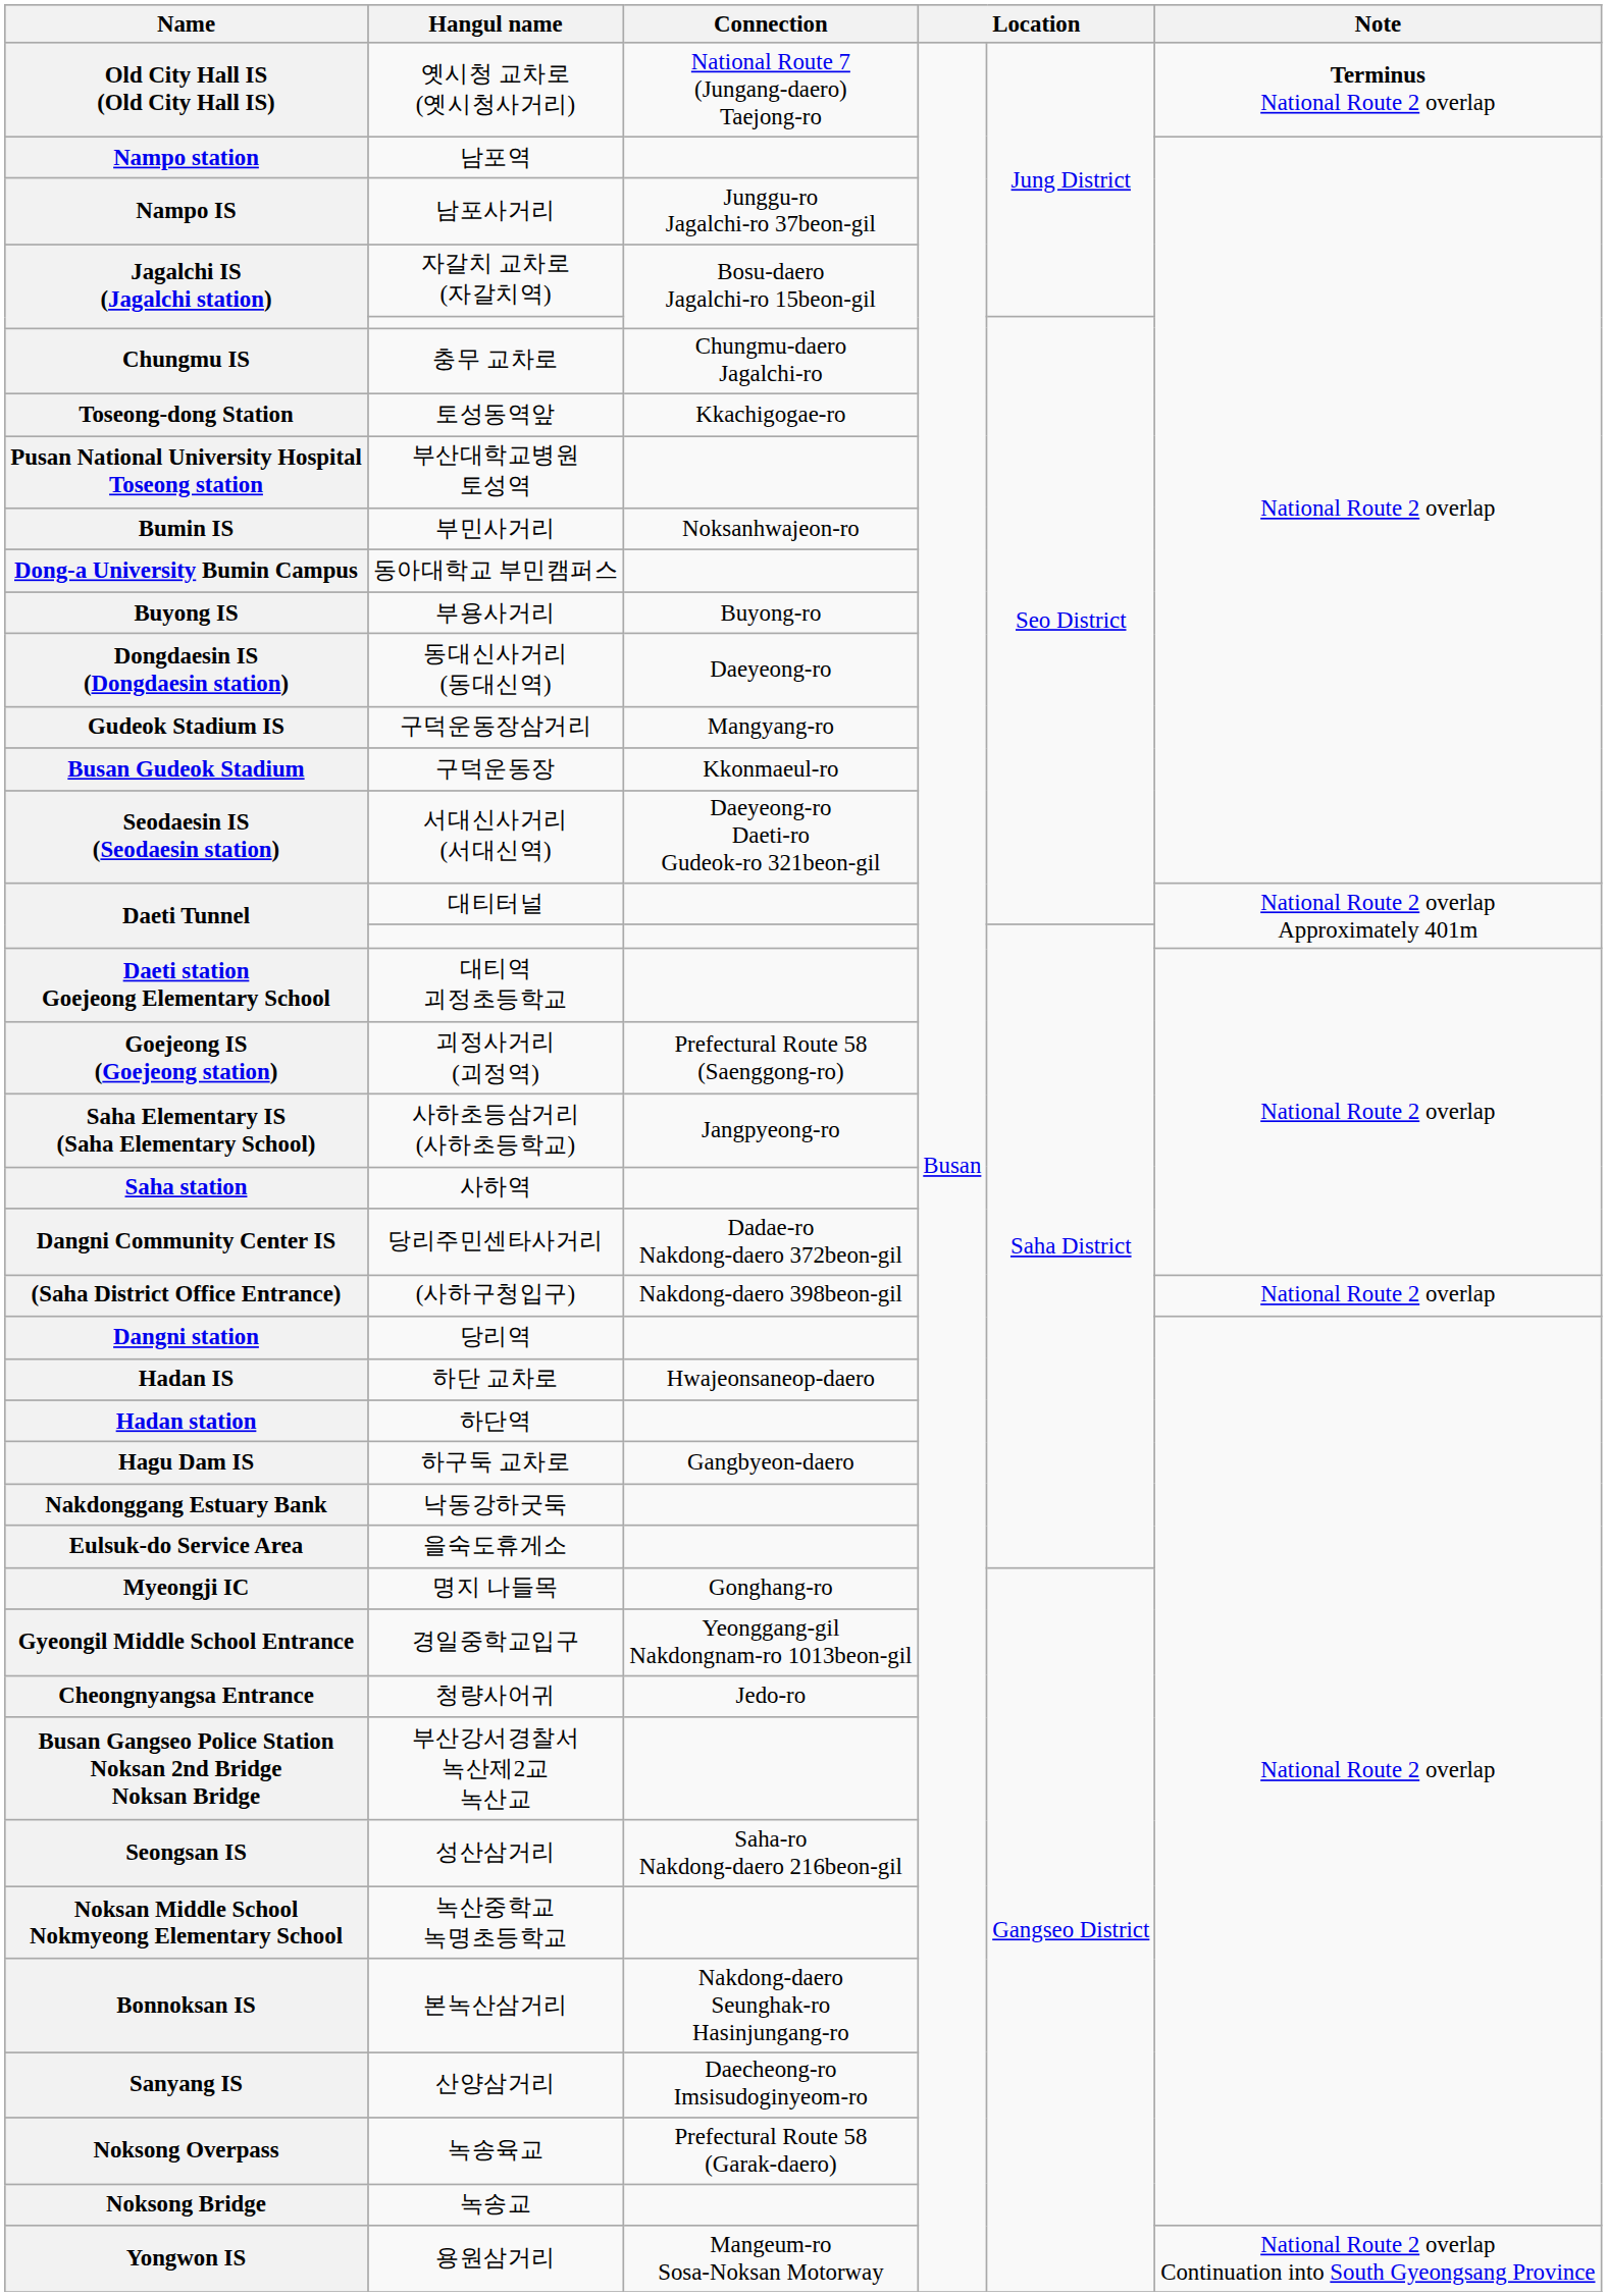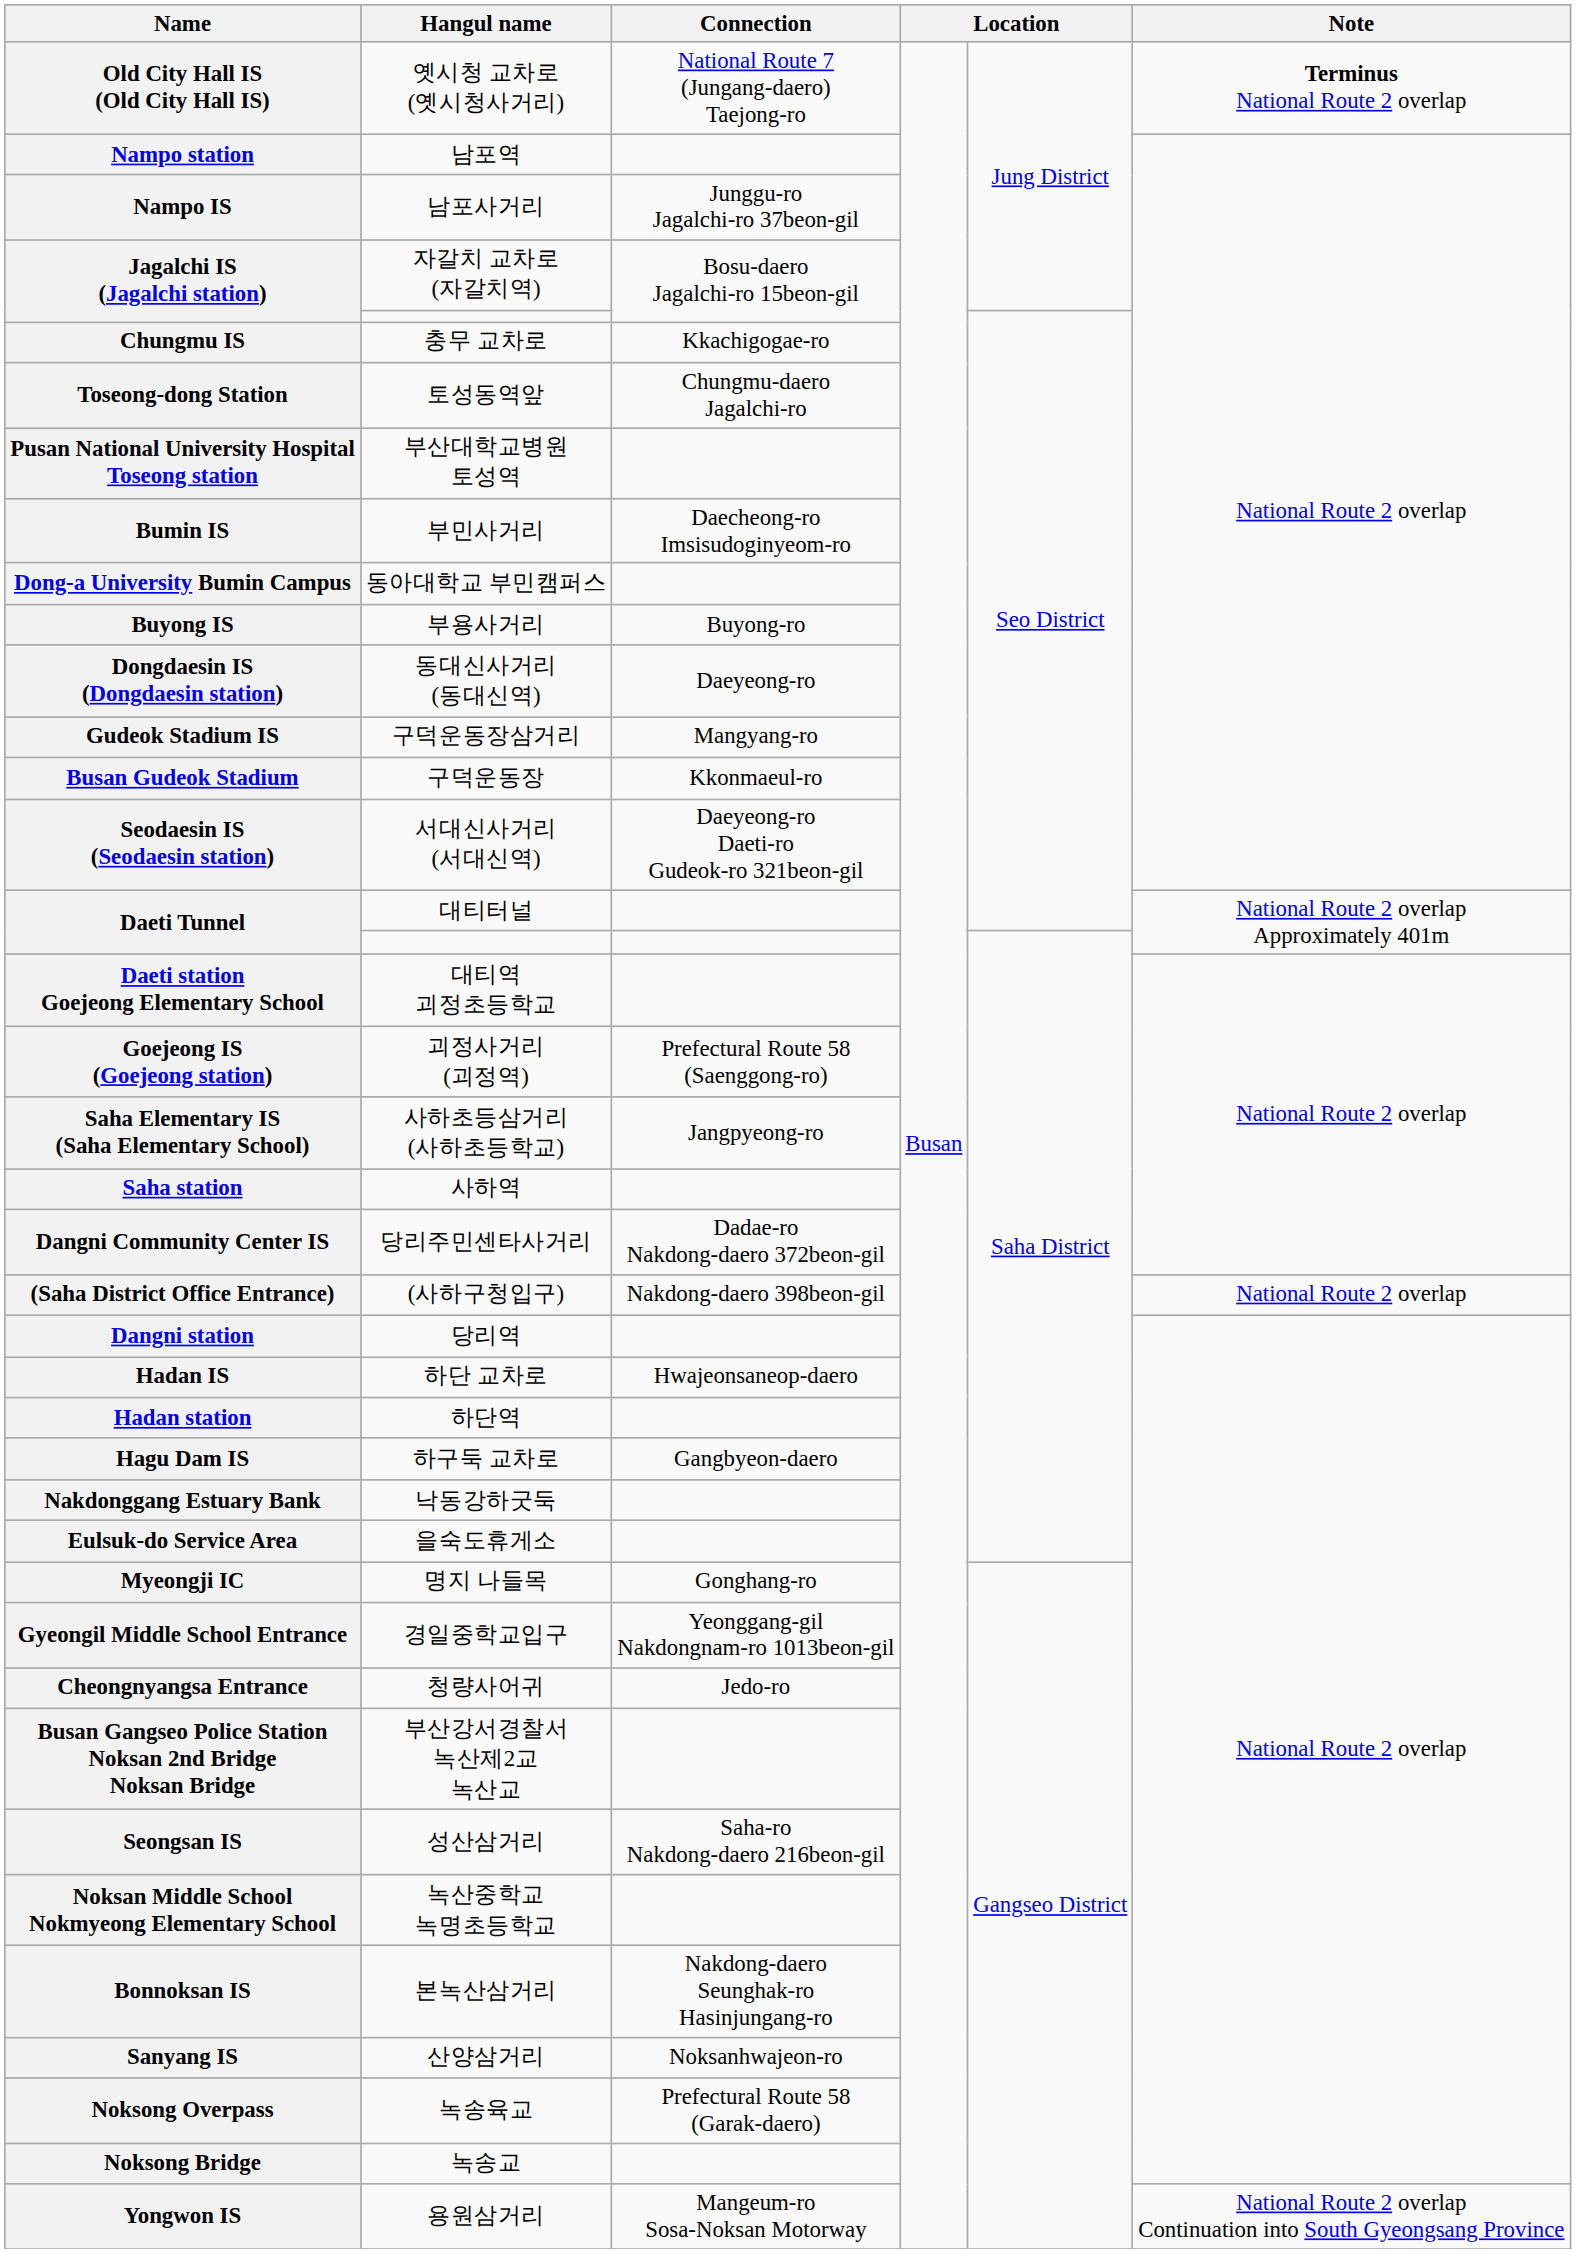 <table class="wikitable" style="font-size: 85%; text-align: center;">
 <tr>
 <th>Name </th>
 <th>Hangul name</th>
 <th>Connection</th>
 <th colspan="2">Location</th>
 <th>Note</th>
 </tr>
 <tr>
 <th>Old City Hall IS<br>(Old City Hall IS)</th>
 <td>옛시청 교차로<br>(옛시청사거리)</td>
 <td><a href='#'>National Route 7</a><br>(Jungang-daero)<br>Taejong-ro</td>
 <td rowspan=40><a href='#'>Busan</a></td>
 <td rowspan=4><a href='#'>Jung District</a></td>
 <td><strong>Terminus</strong><br><a href='#'>National Route 2</a> overlap</td>
 </tr>
 <tr>
 <th><a href='#'>Nampo station</a></th>
 <td>남포역</td>
 <td></td>
 <td rowspan=14><a href='#'>National Route 2</a> overlap</td>
 </tr>
 <tr>
 <th>Nampo IS</th>
 <td>남포사거리</td>
 <td>Junggu-ro<br>Jagalchi-ro 37beon-gil</td>
 </tr>
 <tr>
 <th rowspan=2>Jagalchi IS<br>(<a href='#'>Jagalchi station</a>)</th>
 <td>자갈치 교차로<br>(자갈치역)</td>
 <td rowspan=2>Bosu-daero<br>Jagalchi-ro 15beon-gil</td>
 </tr>
 <tr>
 <td></td>
 <td rowspan=12><a href='#'>Seo District</a></td>
 </tr>
 <tr>
 <th>Chungmu IS</th>
 <td>충무 교차로</td>
-<td>Chungmu-daero<br>Jagalchi-ro</td>
+<td>Kkachigogae-ro</td>
 </tr>
 <tr>
 <th>Toseong-dong Station</th>
 <td>토성동역앞</td>
-<td>Kkachigogae-ro</td>
+<td>Chungmu-daero<br>Jagalchi-ro</td>
 </tr>
 <tr>
 <th>Pusan National University Hospital<br><a href='#'>Toseong station</a></th>
 <td>부산대학교병원<br>토성역</td>
 <td></td>
 </tr>
 <tr>
 <th>Bumin IS</th>
 <td>부민사거리</td>
-<td>Noksanhwajeon-ro</td>
+<td>Daecheong-ro<br>Imsisudoginyeom-ro</td>
 </tr>
 <tr>
 <th><a href='#'>Dong-a University</a> Bumin Campus</th>
 <td>동아대학교 부민캠퍼스</td>
 <td></td>
 </tr>
 <tr>
 <th>Buyong IS</th>
 <td>부용사거리</td>
 <td>Buyong-ro</td>
 </tr>
 <tr>
 <th>Dongdaesin IS<br>(<a href='#'>Dongdaesin station</a>)</th>
 <td>동대신사거리<br>(동대신역)</td>
 <td>Daeyeong-ro</td>
 </tr>
 <tr>
 <th>Gudeok Stadium IS</th>
 <td>구덕운동장삼거리</td>
 <td>Mangyang-ro</td>
 </tr>
 <tr>
 <th><a href='#'>Busan Gudeok Stadium</a></th>
 <td>구덕운동장</td>
 <td>Kkonmaeul-ro</td>
 </tr>
 <tr>
 <th>Seodaesin IS<br>(<a href='#'>Seodaesin station</a>)</th>
 <td>서대신사거리<br>(서대신역)</td>
 <td>Daeyeong-ro<br>Daeti-ro<br>Gudeok-ro 321beon-gil</td>
 </tr>
 <tr>
 <th rowspan=2>Daeti Tunnel</th>
 <td>대티터널</td>
 <td></td>
 <td rowspan=2><a href='#'>National Route 2</a> overlap<br>Approximately 401m</td>
 </tr>
 <tr>
 <td></td>
 <td></td>
 <td rowspan=13><a href='#'>Saha District</a></td>
 </tr>
 <tr>
 <th><a href='#'>Daeti station</a><br>Goejeong Elementary School</th>
 <td>대티역<br>괴정초등학교</td>
 <td></td>
 <td rowspan=5><a href='#'>National Route 2</a> overlap</td>
 </tr>
 <tr>
 <th>Goejeong IS<br>(<a href='#'>Goejeong station</a>)</th>
 <td>괴정사거리<br>(괴정역)</td>
 <td>Prefectural Route 58<br>(Saenggong-ro)</td>
 </tr>
 <tr>
 <th>Saha Elementary IS<br>(Saha Elementary School)</th>
 <td>사하초등삼거리<br>(사하초등학교)</td>
 <td>Jangpyeong-ro</td>
 </tr>
 <tr>
 <th><a href='#'>Saha station</a></th>
 <td>사하역</td>
 <td></td>
 </tr>
 <tr>
 <th>Dangni Community Center IS</th>
 <td>당리주민센타사거리</td>
 <td>Dadae-ro<br>Nakdong-daero 372beon-gil</td>
 </tr>
 <tr>
 <th>(Saha District Office Entrance)</th>
 <td>(사하구청입구)</td>
 <td>Nakdong-daero 398beon-gil</td>
 <td><a href='#'>National Route 2</a> overlap</td>
 </tr>
 <tr>
 <th><a href='#'>Dangni station</a></th>
 <td>당리역</td>
 <td></td>
 <td rowspan=16><a href='#'>National Route 2</a> overlap</td>
 </tr>
 <tr>
 <th>Hadan IS</th>
 <td>하단 교차로</td>
 <td>Hwajeonsaneop-daero</td>
 </tr>
 <tr>
 <th><a href='#'>Hadan station</a></th>
 <td>하단역</td>
 <td></td>
 </tr>
 <tr>
 <th>Hagu Dam IS</th>
 <td>하구둑 교차로</td>
 <td>Gangbyeon-daero</td>
 </tr>
 <tr>
 <th>Nakdonggang Estuary Bank</th>
 <td>낙동강하굿둑</td>
 <td></td>
 </tr>
 <tr>
 <th>Eulsuk-do Service Area</th>
 <td>을숙도휴게소</td>
 <td></td>
 </tr>
 <tr>
 <th>Myeongji IC</th>
 <td>명지 나들목</td>
 <td>Gonghang-ro</td>
 <td rowspan=11><a href='#'>Gangseo District</a></td>
 </tr>
 <tr>
 <th>Gyeongil Middle School Entrance</th>
 <td>경일중학교입구</td>
 <td>Yeonggang-gil<br>Nakdongnam-ro 1013beon-gil</td>
 </tr>
 <tr>
 <th>Cheongnyangsa Entrance</th>
 <td>청량사어귀</td>
 <td>Jedo-ro</td>
 </tr>
 <tr>
 <th>Busan Gangseo Police Station<br>Noksan 2nd Bridge<br>Noksan Bridge</th>
 <td>부산강서경찰서<br>녹산제2교<br>녹산교</td>
 <td></td>
 </tr>
 <tr>
 <th>Seongsan IS</th>
 <td>성산삼거리</td>
 <td>Saha-ro<br>Nakdong-daero 216beon-gil</td>
 </tr>
 <tr>
 <th>Noksan Middle School<br>Nokmyeong Elementary School</th>
 <td>녹산중학교<br>녹명초등학교</td>
 <td></td>
 </tr>
 <tr>
 <th>Bonnoksan IS</th>
 <td>본녹산삼거리</td>
 <td>Nakdong-daero<br>Seunghak-ro<br>Hasinjungang-ro</td>
 </tr>
 <tr>
 <th>Sanyang IS</th>
 <td>산양삼거리</td>
-<td>Daecheong-ro<br>Imsisudoginyeom-ro</td>
+<td>Noksanhwajeon-ro</td>
 </tr>
 <tr>
 <th>Noksong Overpass</th>
 <td>녹송육교</td>
 <td>Prefectural Route 58<br>(Garak-daero)</td>
 </tr>
 <tr>
 <th>Noksong Bridge</th>
 <td>녹송교</td>
 <td></td>
 </tr>
 <tr>
 <th>Yongwon IS</th>
 <td>용원삼거리</td>
 <td>Mangeum-ro<br>Sosa-Noksan Motorway</td>
 <td><a href='#'>National Route 2</a> overlap<br>Continuation into <a href='#'>South Gyeongsang Province</a></td>
 </tr>
 <tr>
 </tr>
 </table>
